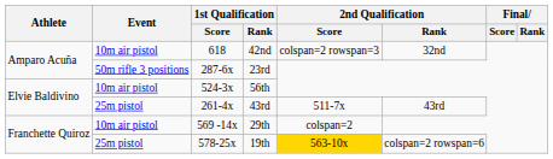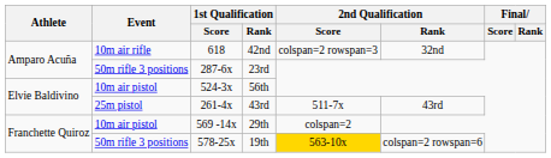 <table class="wikitable" style="font-size:90%">
 <tr>
 <th rowspan=2>Athlete</th>
 <th rowspan=2>Event</th>
 <th colspan=2>1st Qualification</th>
 <th colspan=2>2nd Qualification</th>
 <th colspan=2>Final/</th>
 </tr>
 <tr style="font-size:95%">
 <th>Score</th>
 <th>Rank</th>
 <th>Score</th>
 <th>Rank</th>
 <th>Score</th>
 <th>Rank</th>
 </tr>
 <tr align=center>
 <td rowspan=2 align=left>Amparo Acuña</td>
-<td align=left><a href='#'>10m air pistol</a></td>
+<td align=left><a href='#'>10m air rifle</a></td>
 <td>618</td>
 <td>42nd</td>
 <td>colspan=2 rowspan=3 </td>
 <td>32nd</td>
 </tr>
 <tr align=center>
 <td align=left><a href='#'>50m rifle 3 positions</a></td>
 <td>287-6x</td>
 <td>23rd</td>
 </tr>
 <tr align=center>
 <td rowspan=2 align=left>Elvie Baldivino</td>
 <td align=left><a href='#'>10m air pistol</a></td>
 <td>524-3x</td>
 <td>56th</td>
 </tr>
 <tr align=center>
 <td align=left><a href='#'>25m pistol</a></td>
 <td>261-4x</td>
 <td>43rd</td>
 <td>511-7x</td>
 <td>43rd</td>
 </tr>
 <tr align=center>
 <td rowspan=2 align=left>Franchette Quiroz</td>
 <td align=left><a href='#'>10m air pistol</a></td>
 <td>569 -14x</td>
 <td>29th</td>
 <td>colspan=2 </td>
 </tr>
 <tr align=center>
-<td align=left><a href='#'>25m pistol</a></td>
+<td align=left><a href='#'>50m rifle 3 positions</a></td>
 <td>578-25x</td>
 <td>19th</td>
 <td style="background: gold;">563-10x</td>
 <td>colspan=2 rowspan=6 </td>
 </tr>
 </table>
